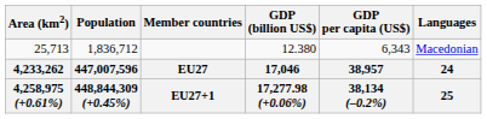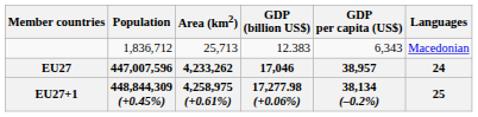 <table class="wikitable" style="text-align:right;">
 <tr>
+<th>Member countries</th>
+<th>Population</th>
 <th>Area (km<sup>2</sup>)</th>
-<th>Population</th>
-<th>Member countries</th>
 <th>GDP <br>(billion US$)</th>
 <th>GDP <br>per capita (US$)</th>
 <th>Languages</th>
 </tr>
 <tr>
+<td style="text-align:left;"></td>
+<td>1,836,712</td>
 <td>25,713</td>
-<td>1,836,712</td>
-<td style="text-align:left;"></td>
-<td>12.380</td>
+<td>12.383</td>
 <td>6,343</td>
 <td><a href='#'>Macedonian</a></td>
 </tr>
 <tr>
+<th>EU27</th>
+<th>447,007,596</th>
 <th>4,233,262</th>
-<th>447,007,596</th>
-<th>EU27</th>
 <th>17,046</th>
 <th>38,957</th>
 <th>24</th>
 </tr>
 <tr>
+<th>EU27+1</th>
+<th>448,844,309 <br> <em>(+0.45%)</em></th>
 <th>4,258,975 <br> <em>(+0.61%)</em></th>
-<th>448,844,309 <br> <em>(+0.45%)</em></th>
-<th>EU27+1</th>
 <th>17,277.98 <br> <em>(+0.06%)</em></th>
 <th>38,134 <br> <em>(–0.2%)</em></th>
 <th>25</th>
 </tr>
 </table>
